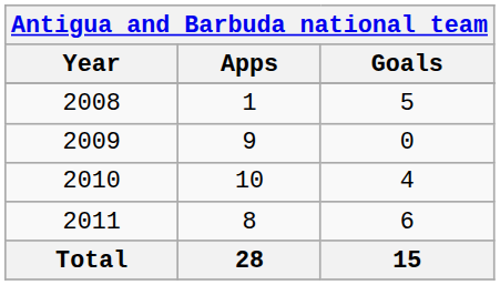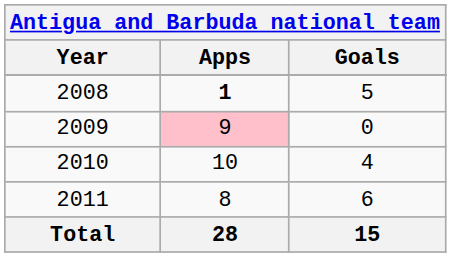 <table class="wikitable" style="text-align:center">
 <tr>
 <th colspan=3><a href='#'>Antigua and Barbuda national team</a></th>
 </tr>
 <tr>
 <th>Year</th>
 <th>Apps</th>
 <th>Goals</th>
 </tr>
 <tr>
 </tr>
 <tr>
 <td>2008</td>
-<td>1</td>
+<td><strong>1</strong></td>
 <td>5</td>
 </tr>
 <tr>
 <td>2009</td>
-<td>9</td>
+<td style="background: pink;">9</td>
 <td>0</td>
 </tr>
 <tr>
 <td>2010</td>
 <td>10</td>
 <td>4</td>
 </tr>
 <tr>
 <td>2011</td>
 <td>8</td>
 <td>6</td>
 </tr>
 <tr>
 <th>Total</th>
 <th>28</th>
 <th>15</th>
 </tr>
 </table>
